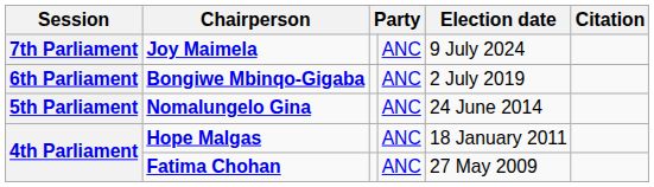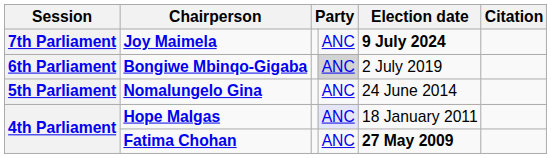 <table class="wikitable">
 <tr>
 <th>Session</th>
 <th>Chairperson</th>
 <th colspan="2">Party</th>
 <th>Election date</th>
 <th>Citation</th>
 </tr>
 <tr>
 <th><a href='#'>7th Parliament</a></th>
 <td><strong><a href='#'>Joy Maimela</a></strong></td>
 <td></td>
 <td><a href='#'>ANC</a></td>
-<td>9 July 2024</td>
+<td><strong>9 July 2024</strong></td>
 <td></td>
 </tr>
 <tr>
 <th><a href='#'>6th Parliament</a></th>
 <td><strong><a href='#'>Bongiwe Mbinqo-Gigaba</a></strong></td>
 <td></td>
-<td><a href='#'>ANC</a></td>
+<td style="background: lightgrey;"><a href='#'>ANC</a></td>
 <td>2 July 2019</td>
 <td></td>
 </tr>
 <tr>
 <th><a href='#'>5th Parliament</a></th>
 <td><strong><a href='#'>Nomalungelo Gina</a></strong></td>
 <td></td>
 <td><a href='#'>ANC</a></td>
 <td>24 June 2014</td>
 <td></td>
 </tr>
 <tr>
 <th rowspan="2"><a href='#'>4th Parliament</a></th>
 <td><strong><a href='#'>Hope Malgas</a></strong></td>
 <td></td>
-<td><a href='#'>ANC</a></td>
+<td style="background: lavender;"><a href='#'>ANC</a></td>
 <td>18 January 2011</td>
 <td></td>
 </tr>
 <tr>
 <td><strong><a href='#'>Fatima Chohan</a></strong></td>
 <td></td>
 <td><a href='#'>ANC</a></td>
-<td>27 May 2009</td>
+<td><strong>27 May 2009</strong></td>
 <td></td>
 </tr>
 </table>
